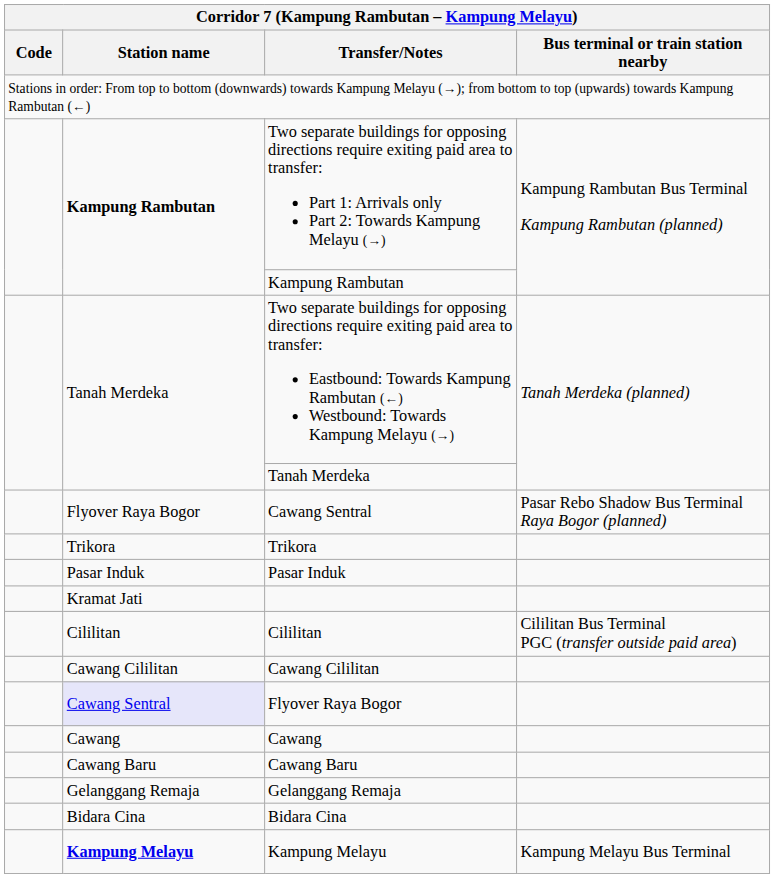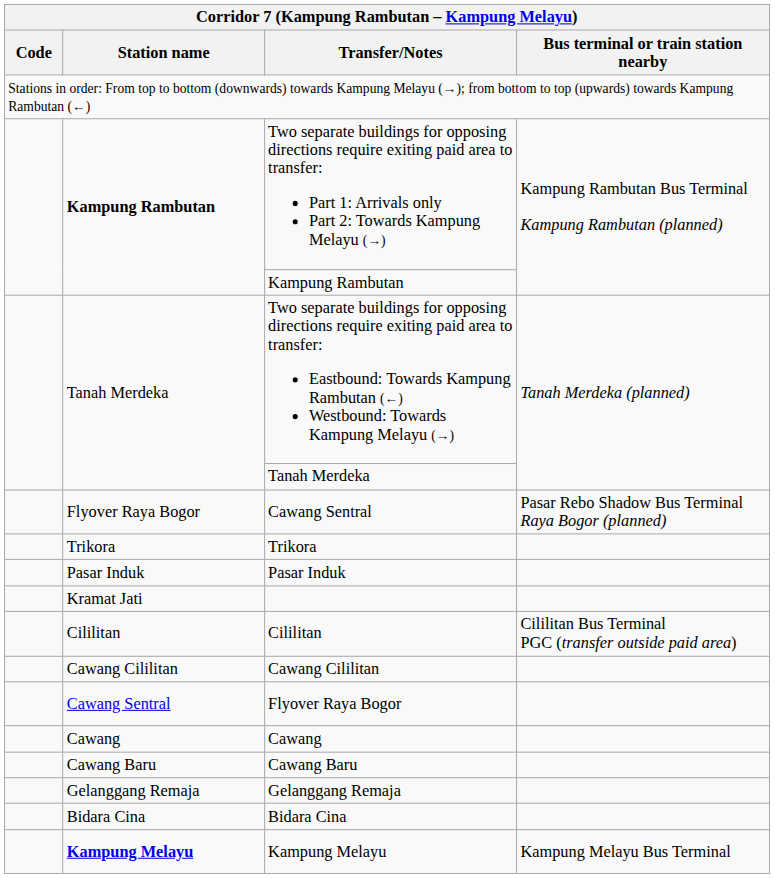 <table class="wikitable" style="font-size:100%">
 <tr>
 <th colspan="4" align="left"> Corridor 7 (Kampung Rambutan – <a href='#'>Kampung Melayu</a>)</th>
 </tr>
 <tr>
 <th width="50">Code</th>
 <th width="190">Station name</th>
 <th width="240">Transfer/Notes</th>
 <th width="240">Bus terminal or train station nearby</th>
 </tr>
 <tr>
 <td colspan="4"><small>Stations in order: From top to bottom (downwards) towards Kampung Melayu (→); from bottom to top (upwards) towards Kampung Rambutan (←)</small></td>
 </tr>
 <tr>
 <td rowspan="2" align="center"><strong></strong></td>
 <td rowspan="2"><strong>Kampung Rambutan</strong></td>
 <td>Two separate buildings for opposing directions require exiting paid area to transfer:<br><ul><li>Part 1: Arrivals only</li><li>Part 2: Towards Kampung Melayu <small>(→)</small></li></ul></td>
 <td rowspan="2"> Kampung Rambutan Bus Terminal<br> <br> <em>Kampung Rambutan (planned)</em></td>
 </tr>
 <tr>
 <td>  Kampung Rambutan</td>
 </tr>
 <tr>
 <td rowspan="2" align="center"><strong></strong></td>
 <td rowspan="2">Tanah Merdeka</td>
 <td>Two separate buildings for opposing directions require exiting paid area to transfer:<br><ul><li>Eastbound: Towards Kampung Rambutan <small>(←)</small></li><li>Westbound: Towards Kampung Melayu <small>(→)</small></li></ul></td>
 <td rowspan="2"> <em>Tanah Merdeka (planned)</em></td>
 </tr>
 <tr>
 <td>  Tanah Merdeka</td>
 </tr>
 <tr>
 <td align="center"><strong></strong></td>
 <td>Flyover Raya Bogor</td>
 <td>      Cawang Sentral</td>
 <td> Pasar Rebo Shadow Bus Terminal<br> <em>Raya Bogor (planned)</em></td>
 </tr>
 <tr>
 <td align="center"><strong></strong></td>
 <td>Trikora</td>
 <td>  Trikora</td>
 <td></td>
 </tr>
 <tr>
 <td align="center"><strong></strong></td>
 <td>Pasar Induk</td>
 <td>  Pasar Induk</td>
 <td></td>
 </tr>
 <tr>
 <td align="center"><strong></strong></td>
 <td>Kramat Jati</td>
 <td></td>
 <td></td>
 </tr>
 <tr>
 <td align="center"><strong></strong></td>
 <td>Cililitan</td>
 <td>   Cililitan</td>
 <td> Cililitan Bus Terminal<br> PGC (<em>transfer outside paid area</em>)</td>
 </tr>
 <tr>
 <td align="center"><strong></strong><br><strong></strong></td>
 <td>Cawang Cililitan</td>
 <td>    Cawang Cililitan</td>
 <td></td>
 </tr>
 <tr>
 <td align="center"><strong></strong><br><strong></strong><br><strong></strong></td>
-<td style="background: lavender;"><a href='#'>Cawang Sentral</a></td>
+<td><a href='#'>Cawang Sentral</a></td>
 <td>  Flyover Raya Bogor</td>
 <td></td>
 </tr>
 <tr>
 <td align="center"><strong></strong><br><strong></strong></td>
 <td>Cawang</td>
 <td>     Cawang</td>
 <td>  </td>
 </tr>
 <tr>
 <td align="center"><strong></strong></td>
 <td>Cawang Baru</td>
 <td>  Cawang Baru</td>
 <td></td>
 </tr>
 <tr>
 <td align="center"><strong></strong></td>
 <td>Gelanggang Remaja</td>
 <td>  Gelanggang Remaja</td>
 <td></td>
 </tr>
 <tr>
 <td align="center"><strong></strong></td>
 <td>Bidara Cina</td>
 <td>  Bidara Cina</td>
 <td></td>
 </tr>
 <tr>
 <td align="center"><strong></strong><br><strong></strong><br><strong></strong></td>
 <td><strong><a href='#'>Kampung Melayu</a></strong></td>
 <td>    Kampung Melayu</td>
 <td> Kampung Melayu Bus Terminal</td>
 </tr>
 </table>
